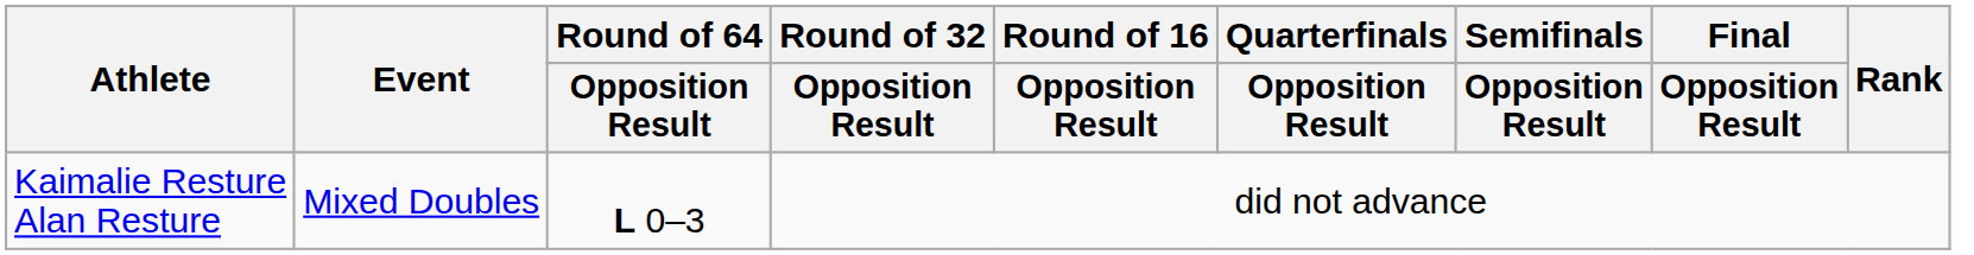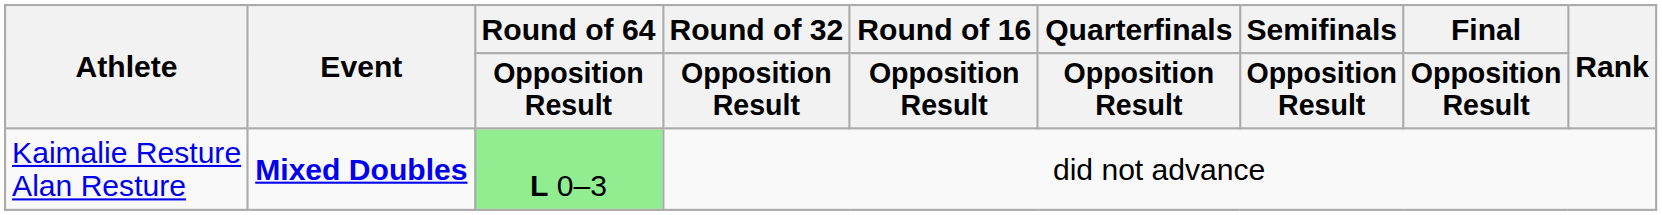 <table class="wikitable" style="font-size:90%">
 <tr>
 <th rowspan=2>Athlete</th>
 <th rowspan=2>Event</th>
 <th>Round of 64</th>
 <th>Round of 32</th>
 <th>Round of 16</th>
 <th>Quarterfinals</th>
 <th>Semifinals</th>
 <th>Final</th>
 <th rowspan=2>Rank</th>
 </tr>
 <tr style="font-size:95%">
 <th>Opposition<br>Result</th>
 <th>Opposition<br>Result</th>
 <th>Opposition<br>Result</th>
 <th>Opposition<br>Result</th>
 <th>Opposition<br>Result</th>
 <th>Opposition<br>Result</th>
 </tr>
 <tr align=center>
 <td align=left><a href='#'>Kaimalie Resture</a><br><a href='#'>Alan Resture</a></td>
-<td align=left><a href='#'>Mixed Doubles</a></td>
-<td><br><strong>L</strong> 0–3</td>
+<td align=left><strong><a href='#'>Mixed Doubles</a></strong></td>
+<td style="background: lightgreen;"><br><strong>L</strong> 0–3</td>
 <td colspan=6>did not advance</td>
 </tr>
 </table>
